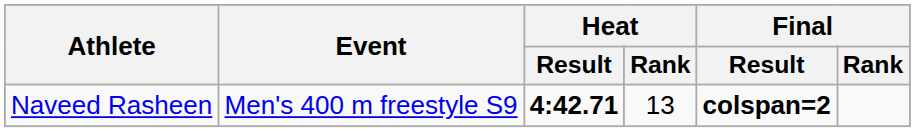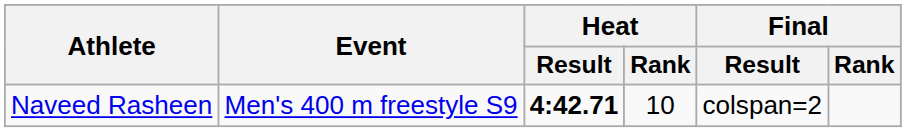 <table class=wikitable style=font-size:90%;text-align:center>
 <tr>
 <th rowspan=2>Athlete</th>
 <th rowspan=2>Event</th>
 <th colspan=2>Heat</th>
 <th colspan=2>Final</th>
 </tr>
 <tr style=font-size:95%>
 <th>Result</th>
 <th>Rank</th>
 <th>Result</th>
 <th>Rank</th>
 </tr>
 <tr>
 <td align=left><a href='#'>Naveed Rasheen</a></td>
 <td align=left><a href='#'>Men's 400 m freestyle S9</a></td>
 <td><strong>4:42.71</strong></td>
-<td>13</td>
-<td><strong>colspan=2 </strong></td>
+<td>10</td>
+<td>colspan=2 </td>
 </tr>
 </table>
